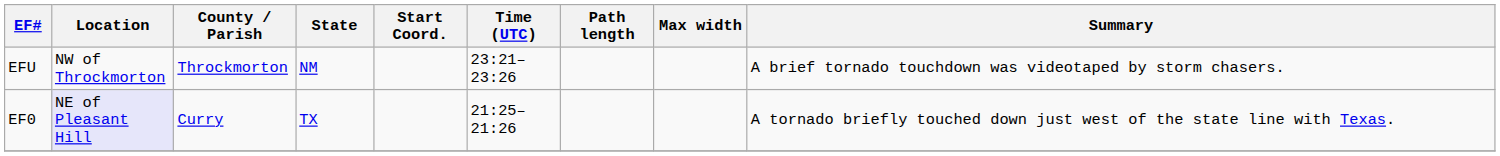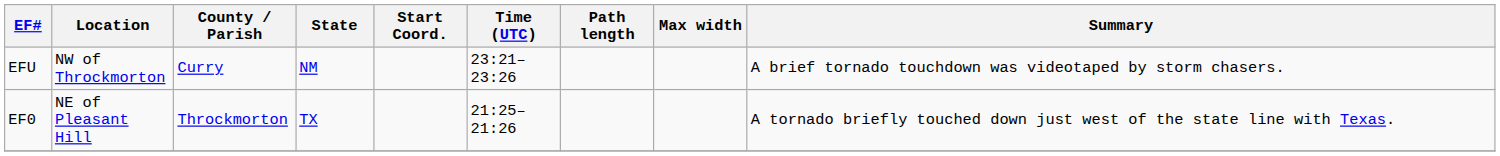 <table class="wikitable sortable" style="width:100%;">
 <tr>
 <th scope="col"  style="width:3%; text-align:center;"><a href='#'>EF#</a></th>
 <th scope="col"  style="width:7%; text-align:center;" class="unsortable">Location</th>
 <th scope="col"  style="width:6%; text-align:center;" class="unsortable">County / Parish</th>
 <th scope="col"  style="width:5%; text-align:center;">State</th>
 <th scope="col"  style="width:6%; text-align:center;">Start Coord.</th>
 <th scope="col"  style="width:6%; text-align:center;">Time (<a href='#'>UTC</a>)</th>
 <th scope="col"  style="width:6%; text-align:center;">Path length</th>
 <th scope="col"  style="width:6%; text-align:center;">Max width</th>
 <th scope="col" class="unsortable" style="width:48%; text-align:center;">Summary</th>
 </tr>
 <tr>
 <td>EFU</td>
 <td>NW of <a href='#'>Throckmorton</a></td>
-<td><a href='#'>Throckmorton</a></td>
+<td><a href='#'>Curry</a></td>
 <td><a href='#'>NM</a></td>
 <td></td>
 <td>23:21–23:26</td>
 <td></td>
 <td></td>
 <td>A brief tornado touchdown was videotaped by storm chasers.</td>
 </tr>
 <tr>
 <td>EF0</td>
-<td style="background: lavender;">NE of <a href='#'>Pleasant Hill</a></td>
-<td><a href='#'>Curry</a></td>
+<td>NE of <a href='#'>Pleasant Hill</a></td>
+<td><a href='#'>Throckmorton</a></td>
 <td><a href='#'>TX</a></td>
 <td></td>
 <td>21:25–21:26</td>
 <td></td>
 <td></td>
 <td>A tornado briefly touched down just west of the state line with <a href='#'>Texas</a>.</td>
 </tr>
 <tr>
 </tr>
 </table>
